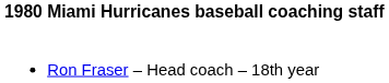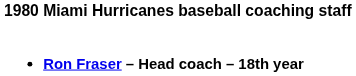 <table class="toccolours">
 <tr>
 <th colspan=9>1980 Miami Hurricanes baseball coaching staff</th>
 </tr>
 <tr>
-<td style="text-align: left; font-size: 95%;" valign="top"><br><ul><li><a href='#'>Ron Fraser</a> – Head coach – 18th year</li></ul></td>
+<td style="text-align: left; font-size: 95%;" valign="top"><strong><br><ul><li><a href='#'>Ron Fraser</a> – Head coach – 18th year</li></ul></strong></td>
 </tr>
 </table>
